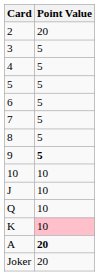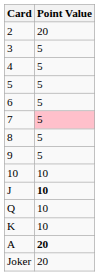 <table class="wikitable" border="1">
 <tr>
 <th>Card</th>
 <th>Point Value</th>
 </tr>
 <tr>
 <td>2</td>
 <td>20</td>
 </tr>
 <tr>
 <td>3</td>
 <td>5</td>
 </tr>
 <tr>
 <td>4</td>
 <td>5</td>
 </tr>
 <tr>
 <td>5</td>
 <td>5</td>
 </tr>
 <tr>
 <td>6</td>
 <td>5</td>
 </tr>
 <tr>
 <td>7</td>
-<td>5</td>
+<td style="background: pink;">5</td>
 </tr>
 <tr>
 <td>8</td>
 <td>5</td>
 </tr>
 <tr>
 <td>9</td>
-<td><strong>5</strong></td>
+<td>5</td>
 </tr>
 <tr>
 <td>10</td>
 <td>10</td>
 </tr>
 <tr>
 <td>J</td>
-<td>10</td>
+<td><strong>10</strong></td>
 </tr>
 <tr>
 <td>Q</td>
 <td>10</td>
 </tr>
 <tr>
 <td>K</td>
-<td style="background: pink;">10</td>
+<td>10</td>
 </tr>
 <tr>
 <td>A</td>
 <td><strong>20</strong></td>
 </tr>
 <tr>
 <td>Joker</td>
 <td>20</td>
 </tr>
 </table>
